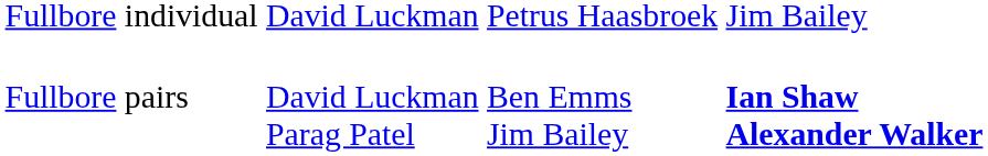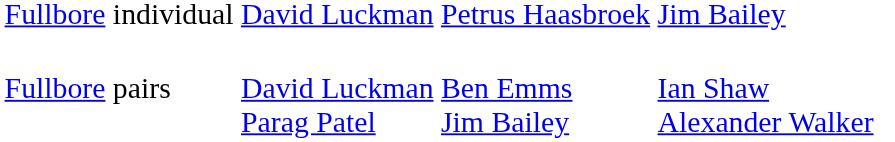 <table>
 <tr>
 <td><a href='#'>Fullbore</a> individual</td>
 <td><a href='#'>David Luckman</a><br></td>
 <td><a href='#'>Petrus Haasbroek</a><br></td>
 <td><a href='#'>Jim Bailey</a><br></td>
 </tr>
 <tr>
 <td><a href='#'>Fullbore</a> pairs</td>
 <td><br><a href='#'>David Luckman</a><br><a href='#'>Parag Patel</a></td>
 <td><br><a href='#'>Ben Emms</a><br><a href='#'>Jim Bailey</a></td>
-<td><strong><br><a href='#'>Ian Shaw</a><br><a href='#'>Alexander Walker</a></strong></td>
+<td><br><a href='#'>Ian Shaw</a><br><a href='#'>Alexander Walker</a></td>
 </tr>
 </table>
